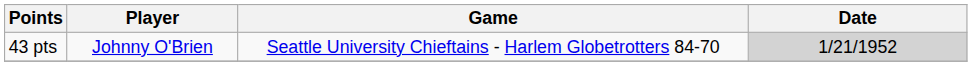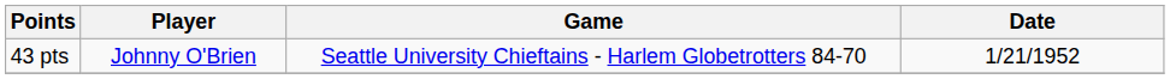 <table class="wikitable">
 <tr>
 <th width=5%>Points</th>
 <th width=18%>Player</th>
 <th width=54%>Game</th>
 <th width=23%>Date</th>
 </tr>
 <tr>
 <td>43 pts</td>
 <td align=center><a href='#'>Johnny O'Brien</a></td>
 <td align=center><a href='#'>Seattle University Chieftains</a> - <a href='#'>Harlem Globetrotters</a> 84-70</td>
-<td align=center style="background: lightgrey;">1/21/1952</td>
+<td align=center>1/21/1952</td>
 </tr>
 <tr>
 </tr>
 </table>
